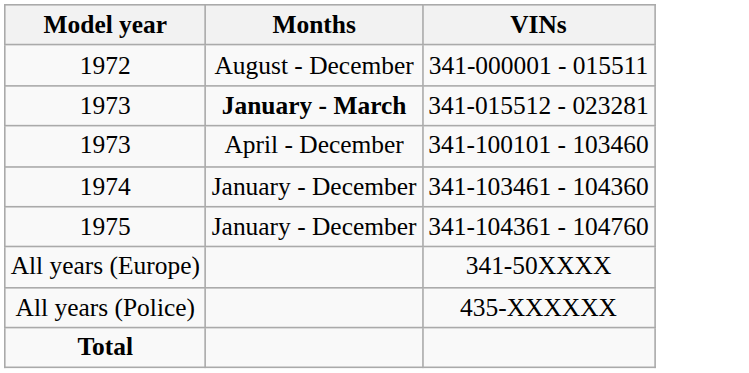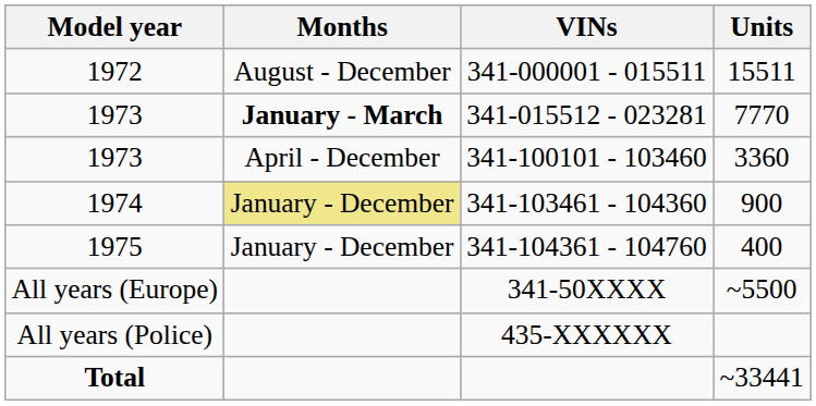 <table class="wikitable" style="align:center; text-align:center">
 <tr>
 <th>Model year</th>
 <th>Months</th>
 <th>VINs</th>
+<th>Units</th>
 </tr>
 <tr>
 <td>1972</td>
 <td>August - December</td>
 <td>341-000001 - 015511</td>
+<td>15511</td>
 </tr>
 <tr>
 <td>1973</td>
 <td><strong>January - March</strong></td>
 <td>341-015512 - 023281</td>
+<td>7770</td>
 </tr>
 <tr>
 <td>1973</td>
 <td>April - December</td>
 <td>341-100101 - 103460</td>
+<td>3360</td>
 </tr>
 <tr>
 <td>1974</td>
-<td>January - December</td>
+<td style="background: khaki;">January - December</td>
 <td>341-103461 - 104360</td>
+<td>900</td>
 </tr>
 <tr>
 <td>1975</td>
 <td>January - December</td>
 <td>341-104361 - 104760</td>
+<td>400</td>
 </tr>
 <tr>
 <td>All years (Europe)</td>
 <td></td>
 <td>341-50XXXX</td>
+<td>~5500</td>
 </tr>
 <tr>
 <td>All years (Police)</td>
 <td></td>
 <td>435-XXXXXX</td>
+<td></td>
 </tr>
 <tr>
 <td><strong>Total</strong></td>
 <td></td>
 <td></td>
+<td>~33441</td>
 </tr>
 </table>
